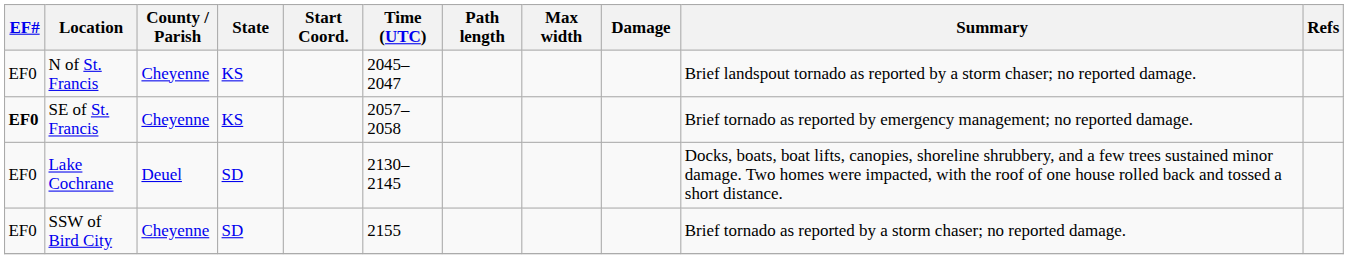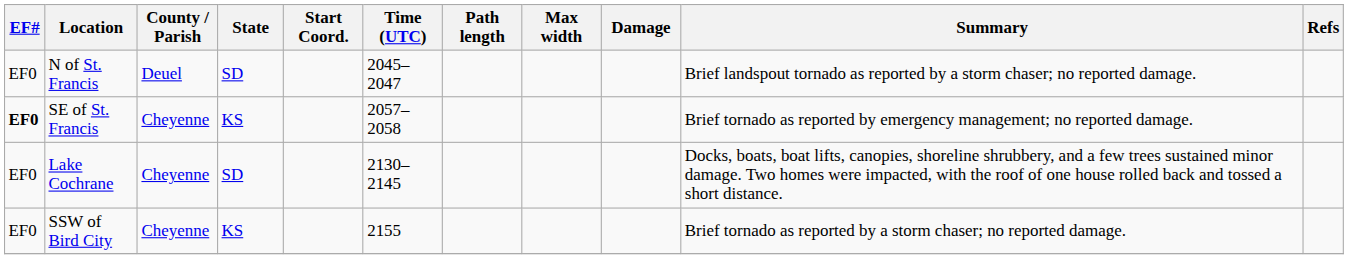 <table class="wikitable sortable" style="width:100%;">
 <tr>
 <th scope="col" width="3%" align="center"><a href='#'>EF#</a></th>
 <th scope="col" width="7%" align="center" class="unsortable">Location</th>
 <th scope="col" width="6%" align="center" class="unsortable">County / Parish</th>
 <th scope="col" width="5%" align="center">State</th>
 <th scope="col" width="6%" align="center">Start Coord.</th>
 <th scope="col" width="6%" align="center">Time (<a href='#'>UTC</a>)</th>
 <th scope="col" width="6%" align="center">Path length</th>
 <th scope="col" width="6%" align="center">Max width</th>
 <th scope="col" width="6%" align="center">Damage</th>
 <th scope="col" width="48%" class="unsortable" align="center">Summary</th>
 <th scope="col" width="48%" class="unsortable" align="center">Refs</th>
 </tr>
 <tr>
 <td>EF0</td>
 <td>N of <a href='#'>St. Francis</a></td>
-<td><a href='#'>Cheyenne</a></td>
-<td><a href='#'>KS</a></td>
+<td><a href='#'>Deuel</a></td>
+<td><a href='#'>SD</a></td>
 <td></td>
 <td>2045–2047</td>
 <td></td>
 <td></td>
 <td></td>
 <td>Brief landspout tornado as reported by a storm chaser; no reported damage.</td>
 <td></td>
 </tr>
 <tr>
 <td><strong>EF0</strong></td>
 <td>SE of <a href='#'>St. Francis</a></td>
 <td><a href='#'>Cheyenne</a></td>
 <td><a href='#'>KS</a></td>
 <td></td>
 <td>2057–2058</td>
 <td></td>
 <td></td>
 <td></td>
 <td>Brief tornado as reported by emergency management; no reported damage.</td>
 <td></td>
 </tr>
 <tr>
 <td>EF0</td>
 <td><a href='#'>Lake Cochrane</a></td>
-<td><a href='#'>Deuel</a></td>
+<td><a href='#'>Cheyenne</a></td>
 <td><a href='#'>SD</a></td>
 <td></td>
 <td>2130–2145</td>
 <td></td>
 <td></td>
 <td></td>
 <td>Docks, boats, boat lifts, canopies, shoreline shrubbery, and a few trees sustained minor damage. Two homes were impacted, with the roof of one house rolled back and tossed a short distance.</td>
 <td></td>
 </tr>
 <tr>
 <td>EF0</td>
 <td>SSW of <a href='#'>Bird City</a></td>
 <td><a href='#'>Cheyenne</a></td>
-<td><a href='#'>SD</a></td>
+<td><a href='#'>KS</a></td>
 <td></td>
 <td>2155</td>
 <td></td>
 <td></td>
 <td></td>
 <td>Brief tornado as reported by a storm chaser; no reported damage.</td>
 <td></td>
 </tr>
 <tr>
 </tr>
 </table>
